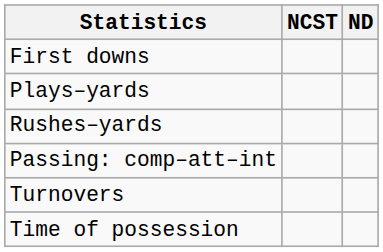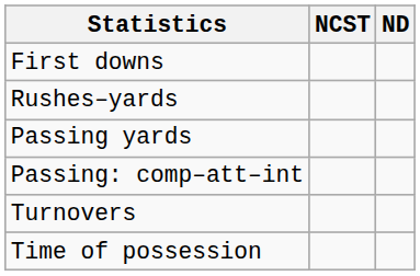 <table class="wikitable" style="float:left">
 <tr>
 <th>Statistics</th>
 <th>NCST</th>
 <th>ND</th>
 </tr>
 <tr>
 <td>First downs</td>
 <td></td>
 <td></td>
 </tr>
 <tr>
-<td>Plays–yards</td>
+<td>Rushes–yards</td>
 <td></td>
 <td></td>
 </tr>
 <tr>
-<td>Rushes–yards</td>
+<td>Passing yards</td>
 <td></td>
 <td></td>
 </tr>
 <tr>
 <td>Passing: comp–att–int</td>
 <td></td>
 <td></td>
 </tr>
 <tr>
 <td>Turnovers</td>
 <td></td>
 <td></td>
 </tr>
 <tr>
 <td>Time of possession</td>
 <td></td>
 <td></td>
 </tr>
 </table>
